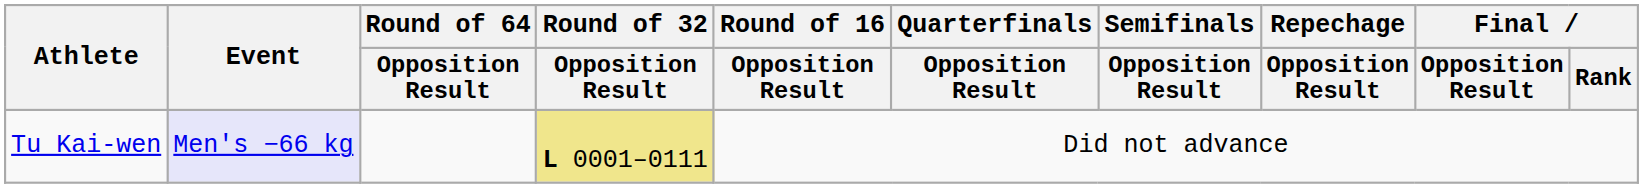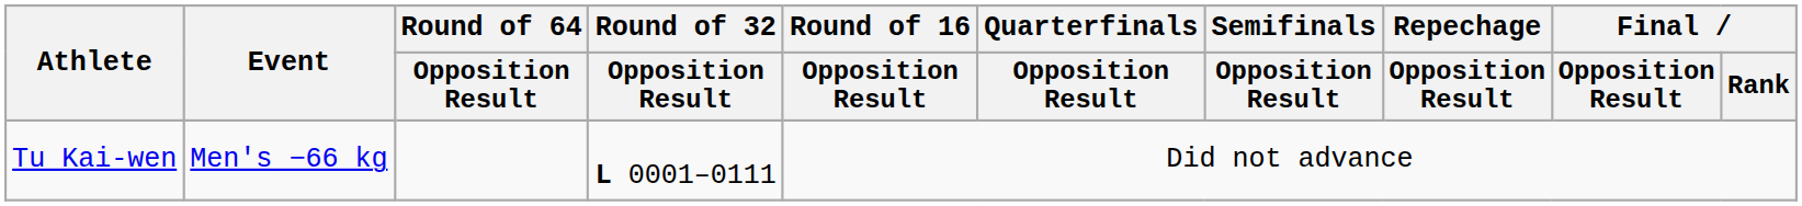 <table class="wikitable" style="font-size:90%">
 <tr>
 <th rowspan="2">Athlete</th>
 <th rowspan="2">Event</th>
 <th>Round of 64</th>
 <th>Round of 32</th>
 <th>Round of 16</th>
 <th>Quarterfinals</th>
 <th>Semifinals</th>
 <th>Repechage</th>
 <th colspan=2>Final / </th>
 </tr>
 <tr style="font-size:95%">
 <th>Opposition<br>Result</th>
 <th>Opposition<br>Result</th>
 <th>Opposition<br>Result</th>
 <th>Opposition<br>Result</th>
 <th>Opposition<br>Result</th>
 <th>Opposition<br>Result</th>
 <th>Opposition<br>Result</th>
 <th>Rank</th>
 </tr>
 <tr align=center>
 <td align=left><a href='#'>Tu Kai-wen</a></td>
-<td align=left style="background: lavender;"><a href='#'>Men's −66 kg</a></td>
+<td align=left><a href='#'>Men's −66 kg</a></td>
 <td></td>
-<td style="background: khaki;"><br><strong>L</strong> 0001–0111</td>
+<td><br><strong>L</strong> 0001–0111</td>
 <td colspan=6>Did not advance</td>
 </tr>
 </table>
